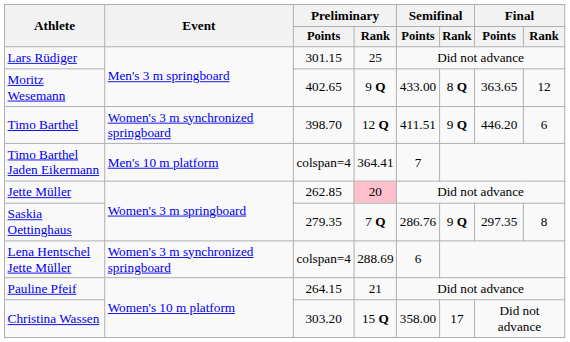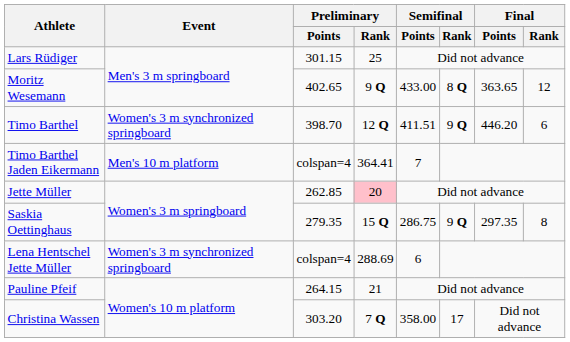 <table class=wikitable style="font-size:90%">
 <tr>
 <th rowspan="2">Athlete</th>
 <th rowspan="2">Event</th>
 <th colspan="2">Preliminary</th>
 <th colspan="2">Semifinal</th>
 <th colspan="2">Final</th>
 </tr>
 <tr style="font-size:95%">
 <th>Points</th>
 <th>Rank</th>
 <th>Points</th>
 <th>Rank</th>
 <th>Points</th>
 <th>Rank</th>
 </tr>
 <tr align=center>
 <td align=left><a href='#'>Lars Rüdiger</a></td>
 <td align=left rowspan=2><a href='#'>Men's 3 m springboard</a></td>
 <td>301.15</td>
 <td>25</td>
 <td colspan=4>Did not advance</td>
 </tr>
 <tr align=center>
 <td align=left><a href='#'>Moritz Wesemann</a></td>
 <td>402.65</td>
 <td>9 <strong>Q</strong></td>
 <td>433.00</td>
 <td>8 <strong>Q</strong></td>
 <td>363.65</td>
 <td>12</td>
 </tr>
 <tr align=center>
 <td align=left><a href='#'>Timo Barthel</a></td>
 <td align=left><a href='#'>Women's 3 m synchronized springboard</a></td>
 <td>398.70</td>
 <td>12 <strong>Q</strong></td>
 <td>411.51</td>
 <td>9 <strong>Q</strong></td>
 <td>446.20</td>
 <td>6</td>
 </tr>
 <tr align=center>
 <td align=left><a href='#'>Timo Barthel</a><br><a href='#'>Jaden Eikermann</a></td>
 <td align=left><a href='#'>Men's 10 m platform</a></td>
 <td>colspan=4 </td>
 <td>364.41</td>
 <td>7</td>
 </tr>
 <tr align=center>
 <td align=left><a href='#'>Jette Müller</a></td>
 <td align=left rowspan=2><a href='#'>Women's 3 m springboard</a></td>
 <td>262.85</td>
 <td style="background: pink;">20</td>
 <td colspan=4>Did not advance</td>
 </tr>
 <tr align=center>
 <td align=left><a href='#'>Saskia Oettinghaus</a></td>
 <td>279.35</td>
-<td>7 <strong>Q</strong></td>
-<td>286.76</td>
+<td>15 <strong>Q</strong></td>
+<td>286.75</td>
 <td>9 <strong>Q</strong></td>
 <td>297.35</td>
 <td>8</td>
 </tr>
 <tr align=center>
 <td align=left><a href='#'>Lena Hentschel</a><br><a href='#'>Jette Müller</a></td>
 <td align=left><a href='#'>Women's 3 m synchronized springboard</a></td>
 <td>colspan=4 </td>
 <td>288.69</td>
 <td>6</td>
 </tr>
 <tr align=center>
 <td align=left><a href='#'>Pauline Pfeif</a></td>
 <td align=left rowspan=2><a href='#'>Women's 10 m platform</a></td>
 <td>264.15</td>
 <td>21</td>
 <td colspan=4>Did not advance</td>
 </tr>
 <tr align=center>
 <td align=left><a href='#'>Christina Wassen</a></td>
 <td>303.20</td>
-<td>15 <strong>Q</strong></td>
+<td>7 <strong>Q</strong></td>
 <td>358.00</td>
 <td>17</td>
 <td colspan=2>Did not advance</td>
 </tr>
 </table>
